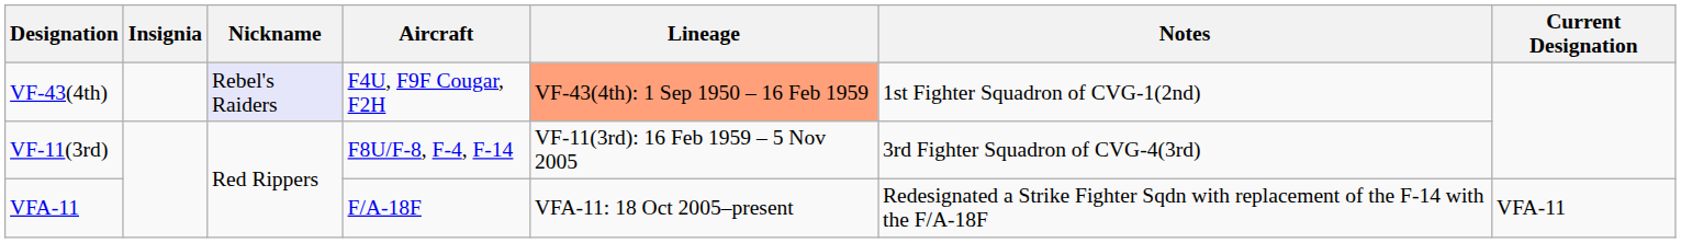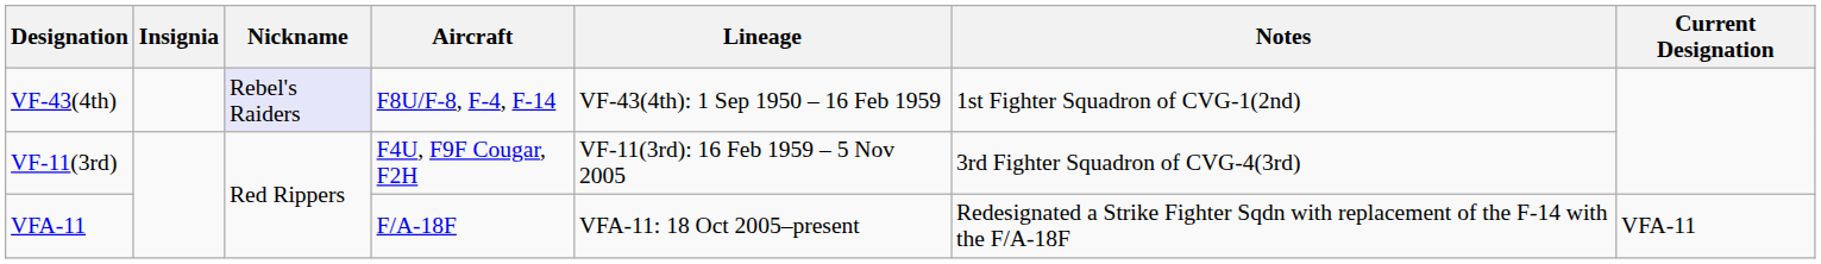 <table class="wikitable">
 <tr>
 <th>Designation</th>
 <th>Insignia</th>
 <th>Nickname</th>
 <th>Aircraft</th>
 <th>Lineage</th>
 <th>Notes</th>
 <th>Current Designation</th>
 </tr>
 <tr>
 <td><a href='#'>VF-43</a>(4th)</td>
 <td></td>
 <td style="background: lavender;">Rebel's Raiders</td>
-<td><a href='#'>F4U</a>, <a href='#'>F9F Cougar</a>, <a href='#'>F2H</a></td>
-<td style="background: lightsalmon; white-space: nowrap;">VF-43(4th): 1 Sep 1950 – 16 Feb 1959</td>
+<td><a href='#'>F8U/F-8</a>, <a href='#'>F-4</a>, <a href='#'>F-14</a></td>
+<td style="white-space: nowrap;">VF-43(4th): 1 Sep 1950 – 16 Feb 1959</td>
 <td>1st Fighter Squadron of CVG-1(2nd)</td>
 </tr>
 <tr>
 <td><a href='#'>VF-11</a>(3rd)</td>
 <td Rowspan="2"></td>
 <td Rowspan="2">Red Rippers</td>
-<td><a href='#'>F8U/F-8</a>, <a href='#'>F-4</a>, <a href='#'>F-14</a></td>
+<td><a href='#'>F4U</a>, <a href='#'>F9F Cougar</a>, <a href='#'>F2H</a></td>
 <td>VF-11(3rd): 16 Feb 1959 – 5 Nov 2005</td>
 <td>3rd Fighter Squadron of CVG-4(3rd)</td>
 </tr>
 <tr>
 <td><a href='#'>VFA-11</a></td>
 <td><a href='#'>F/A-18F</a></td>
 <td>VFA-11: 18 Oct 2005–present</td>
 <td>Redesignated a Strike Fighter Sqdn with replacement of the F-14 with the F/A-18F</td>
 <td>VFA-11</td>
 </tr>
 </table>
